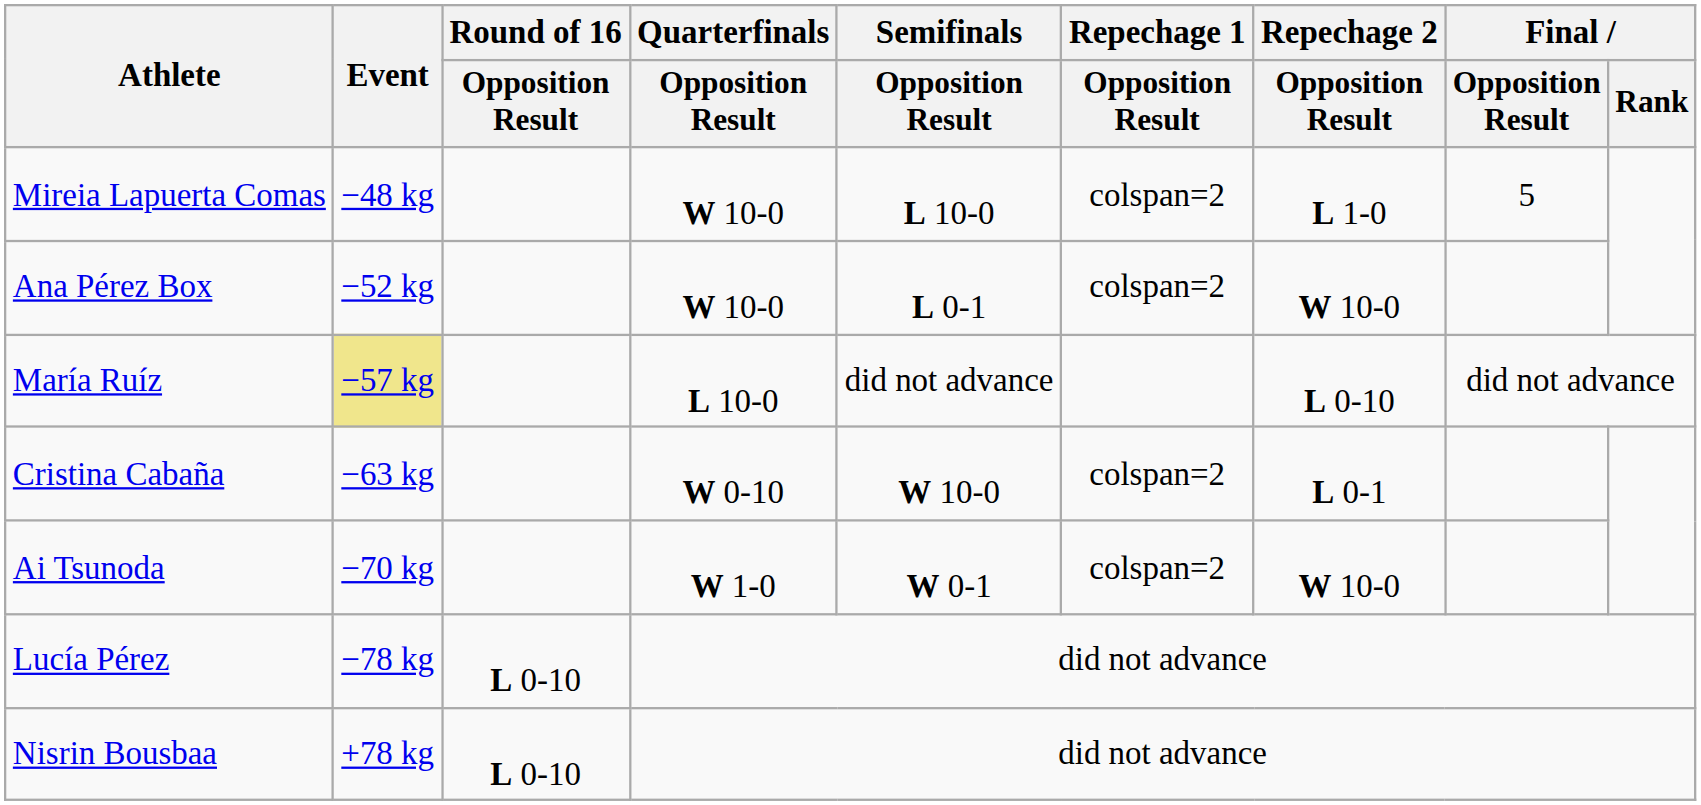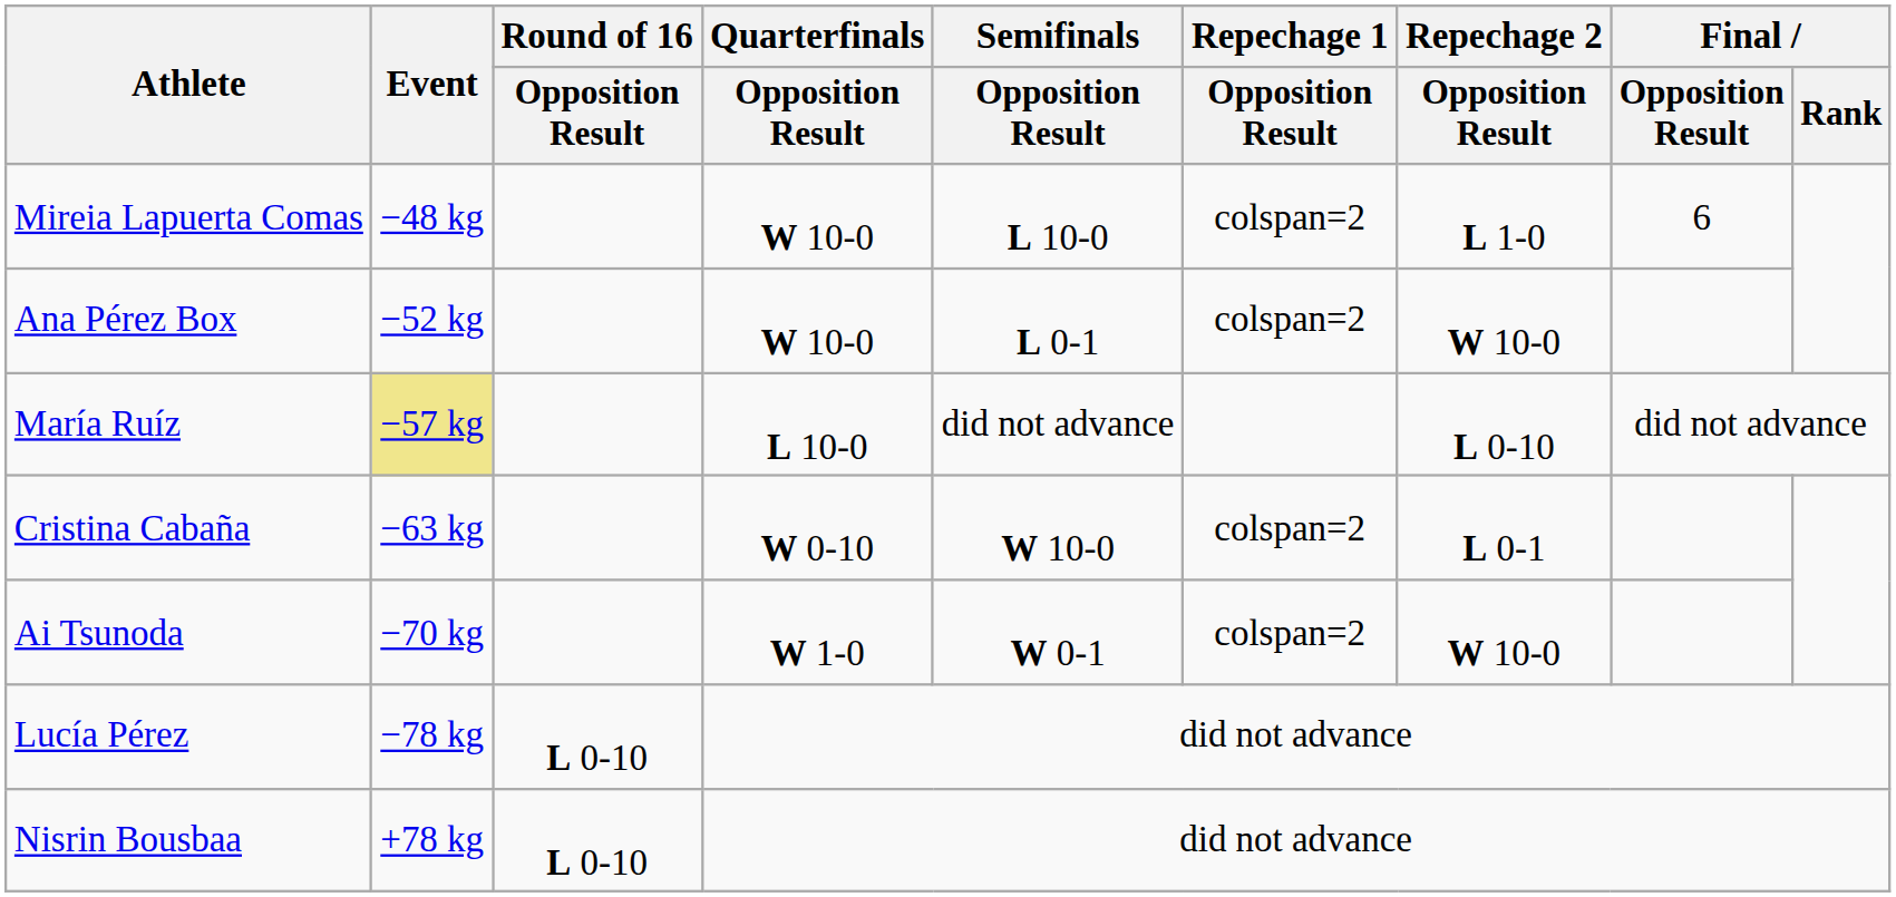 <table class="wikitable" style="font-size:90%">
 <tr>
 <th rowspan="2">Athlete</th>
 <th rowspan="2">Event</th>
 <th>Round of 16</th>
 <th>Quarterfinals</th>
 <th>Semifinals</th>
 <th>Repechage 1</th>
 <th>Repechage 2</th>
 <th colspan=2>Final / </th>
 </tr>
 <tr style="font-size:95%">
 <th>Opposition<br>Result</th>
 <th>Opposition<br>Result</th>
 <th>Opposition<br>Result</th>
 <th>Opposition<br>Result</th>
 <th>Opposition<br>Result</th>
 <th>Opposition<br>Result</th>
 <th>Rank</th>
 </tr>
 <tr align=center>
 <td align=left><a href='#'>Mireia Lapuerta Comas</a></td>
 <td align=left><a href='#'>−48 kg</a></td>
 <td></td>
 <td><br><strong>W</strong> 10-0</td>
 <td><br><strong>L</strong> 10-0</td>
 <td>colspan=2 </td>
 <td><br><strong>L</strong> 1-0</td>
-<td>5</td>
+<td>6</td>
 </tr>
 <tr align=center>
 <td align=left><a href='#'>Ana Pérez Box</a></td>
 <td align=left><a href='#'>−52 kg</a></td>
 <td></td>
 <td><br><strong>W</strong> 10-0</td>
 <td><br><strong>L</strong> 0-1</td>
 <td>colspan=2 </td>
 <td><br><strong>W</strong> 10-0</td>
 <td></td>
 </tr>
 <tr align=center>
 <td align=left><a href='#'>María Ruíz</a></td>
 <td align=left style="background: khaki;"><a href='#'>−57 kg</a></td>
 <td></td>
 <td><br><strong>L</strong> 10-0</td>
 <td>did not advance</td>
 <td></td>
 <td><br><strong>L</strong> 0-10</td>
 <td colspan=2>did not advance</td>
 </tr>
 <tr align=center>
 <td align=left><a href='#'>Cristina Cabaña</a></td>
 <td align=left><a href='#'>−63 kg</a></td>
 <td></td>
 <td><br><strong>W</strong> 0-10</td>
 <td><br><strong>W</strong> 10-0</td>
 <td>colspan=2 </td>
 <td><br><strong>L</strong> 0-1</td>
 <td></td>
 </tr>
 <tr align=center>
 <td align=left><a href='#'>Ai Tsunoda</a></td>
 <td align=left><a href='#'>−70 kg</a></td>
 <td></td>
 <td><br><strong>W</strong> 1-0</td>
 <td><br><strong>W</strong> 0-1</td>
 <td>colspan=2 </td>
 <td><br><strong>W</strong> 10-0</td>
 <td></td>
 </tr>
 <tr align=center>
 <td align=left><a href='#'>Lucía Pérez</a></td>
 <td align=left><a href='#'>−78 kg</a></td>
 <td><br><strong>L</strong> 0-10</td>
 <td colspan="6">did not advance</td>
 </tr>
 <tr align=center>
 <td align=left><a href='#'>Nisrin Bousbaa</a></td>
 <td align=left><a href='#'>+78 kg</a></td>
 <td><br><strong>L</strong> 0-10</td>
 <td colspan="6">did not advance</td>
 </tr>
 </table>
